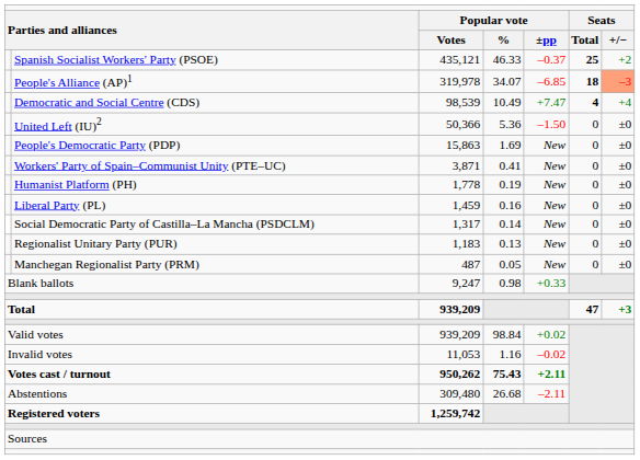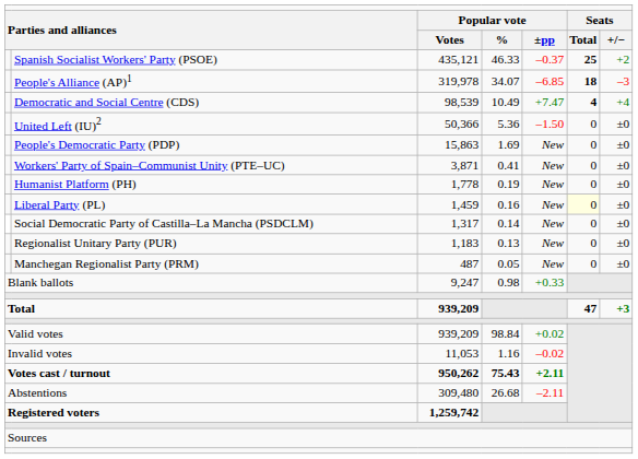 <table class="wikitable" style="text-align:right;">
 <tr>
 <td colspan="7"></td>
 </tr>
 <tr>
 <th style="text-align:left;" rowspan="2" colspan="2" width="525">Parties and alliances</th>
 <th colspan="3">Popular vote</th>
 <th colspan="2">Seats</th>
 </tr>
 <tr>
 <th width="75">Votes</th>
 <th width="45">%</th>
 <th width="45">±<a href='#'>pp</a></th>
 <th width="35">Total</th>
 <th width="35">+/−</th>
 </tr>
 <tr>
 <td width="1" style="color:inherit;background:"></td>
 <td align="left"><a href='#'>Spanish Socialist Workers' Party</a> (PSOE)</td>
 <td>435,121</td>
 <td>46.33</td>
 <td style="color:red;">–0.37</td>
 <td><strong>25</strong></td>
 <td style="color:green;">+2</td>
 </tr>
 <tr>
 <td style="color:inherit;background:"></td>
 <td align="left"><a href='#'>People's Alliance</a> (AP)<sup>1</sup></td>
 <td>319,978</td>
 <td>34.07</td>
 <td style="color:red;">–6.85</td>
 <td><strong>18</strong></td>
-<td style="background: lightsalmon; color:red;">–3</td>
+<td style="color:red;">–3</td>
 </tr>
 <tr>
 <td style="color:inherit;background:"></td>
 <td align="left"><a href='#'>Democratic and Social Centre</a> (CDS)</td>
 <td>98,539</td>
 <td>10.49</td>
 <td style="color:green;">+7.47</td>
 <td><strong>4</strong></td>
 <td style="color:green;">+4</td>
 </tr>
 <tr>
 <td style="color:inherit;background:"></td>
 <td align="left"><a href='#'>United Left</a> (IU)<sup>2</sup></td>
 <td>50,366</td>
 <td>5.36</td>
 <td style="color:red;">–1.50</td>
 <td>0</td>
 <td>±0</td>
 </tr>
 <tr>
 <td style="color:inherit;background:"></td>
 <td align="left"><a href='#'>People's Democratic Party</a> (PDP)</td>
 <td>15,863</td>
 <td>1.69</td>
 <td><em>New</em></td>
 <td>0</td>
 <td>±0</td>
 </tr>
 <tr>
 <td style="color:inherit;background:"></td>
 <td align="left"><a href='#'>Workers' Party of Spain–Communist Unity</a> (PTE–UC)</td>
 <td>3,871</td>
 <td>0.41</td>
 <td><em>New</em></td>
 <td>0</td>
 <td>±0</td>
 </tr>
 <tr>
 <td style="color:inherit;background:"></td>
 <td align="left"><a href='#'>Humanist Platform</a> (PH)</td>
 <td>1,778</td>
 <td>0.19</td>
 <td><em>New</em></td>
 <td>0</td>
 <td>±0</td>
 </tr>
 <tr>
 <td style="color:inherit;background:"></td>
 <td align="left"><a href='#'>Liberal Party</a> (PL)</td>
 <td>1,459</td>
 <td>0.16</td>
 <td><em>New</em></td>
-<td>0</td>
+<td style="background: lightyellow;">0</td>
 <td>±0</td>
 </tr>
 <tr>
 <td bgcolor="white"></td>
 <td align="left">Social Democratic Party of Castilla–La Mancha (PSDCLM)</td>
 <td>1,317</td>
 <td>0.14</td>
 <td><em>New</em></td>
 <td>0</td>
 <td>±0</td>
 </tr>
 <tr>
 <td style="color:inherit;background:"></td>
 <td align="left">Regionalist Unitary Party (PUR)</td>
 <td>1,183</td>
 <td>0.13</td>
 <td><em>New</em></td>
 <td>0</td>
 <td>±0</td>
 </tr>
 <tr>
 <td style="color:inherit;background:"></td>
 <td align="left">Manchegan Regionalist Party (PRM)</td>
 <td>487</td>
 <td>0.05</td>
 <td><em>New</em></td>
 <td>0</td>
 <td>±0</td>
 </tr>
 <tr>
 <td align="left" colspan="2">Blank ballots</td>
 <td>9,247</td>
 <td>0.98</td>
 <td width="50" style="color:green;">+0.33</td>
 <td bgcolor="#E9E9E9" colspan="2"></td>
 </tr>
 <tr>
 <td colspan="7" bgcolor="#E9E9E9"></td>
 </tr>
 <tr style="font-weight:bold;">
 <td align="left" colspan="2">Total</td>
 <td>939,209</td>
 <td bgcolor="#E9E9E9" colspan="2"></td>
 <td>47</td>
 <td style="color:green;">+3</td>
 </tr>
 <tr>
 <td colspan="7" bgcolor="#E9E9E9"></td>
 </tr>
 <tr>
 <td align="left" colspan="2">Valid votes</td>
 <td>939,209</td>
 <td>98.84</td>
 <td style="color:green;">+0.02</td>
 <td bgcolor="#E9E9E9" colspan="2" rowspan="5"></td>
 </tr>
 <tr>
 <td align="left" colspan="2">Invalid votes</td>
 <td>11,053</td>
 <td>1.16</td>
 <td style="color:red;">–0.02</td>
 </tr>
 <tr style="font-weight:bold;">
 <td align="left" colspan="2">Votes cast / turnout</td>
 <td>950,262</td>
 <td>75.43</td>
 <td style="color:green;">+2.11</td>
 </tr>
 <tr>
 <td align="left" colspan="2">Abstentions</td>
 <td>309,480</td>
 <td>26.68</td>
 <td style="color:red;">–2.11</td>
 </tr>
 <tr style="font-weight:bold;">
 <td align="left" colspan="2">Registered voters</td>
 <td>1,259,742</td>
 <td bgcolor="#E9E9E9" colspan="2"></td>
 </tr>
 <tr>
 <td colspan="7" bgcolor="#E9E9E9"></td>
 </tr>
 <tr>
 <td align="left" colspan="7">Sources</td>
 </tr>
 <tr>
 <td colspan="7" style="text-align:left; max-width:790px;"></td>
 </tr>
 </table>
